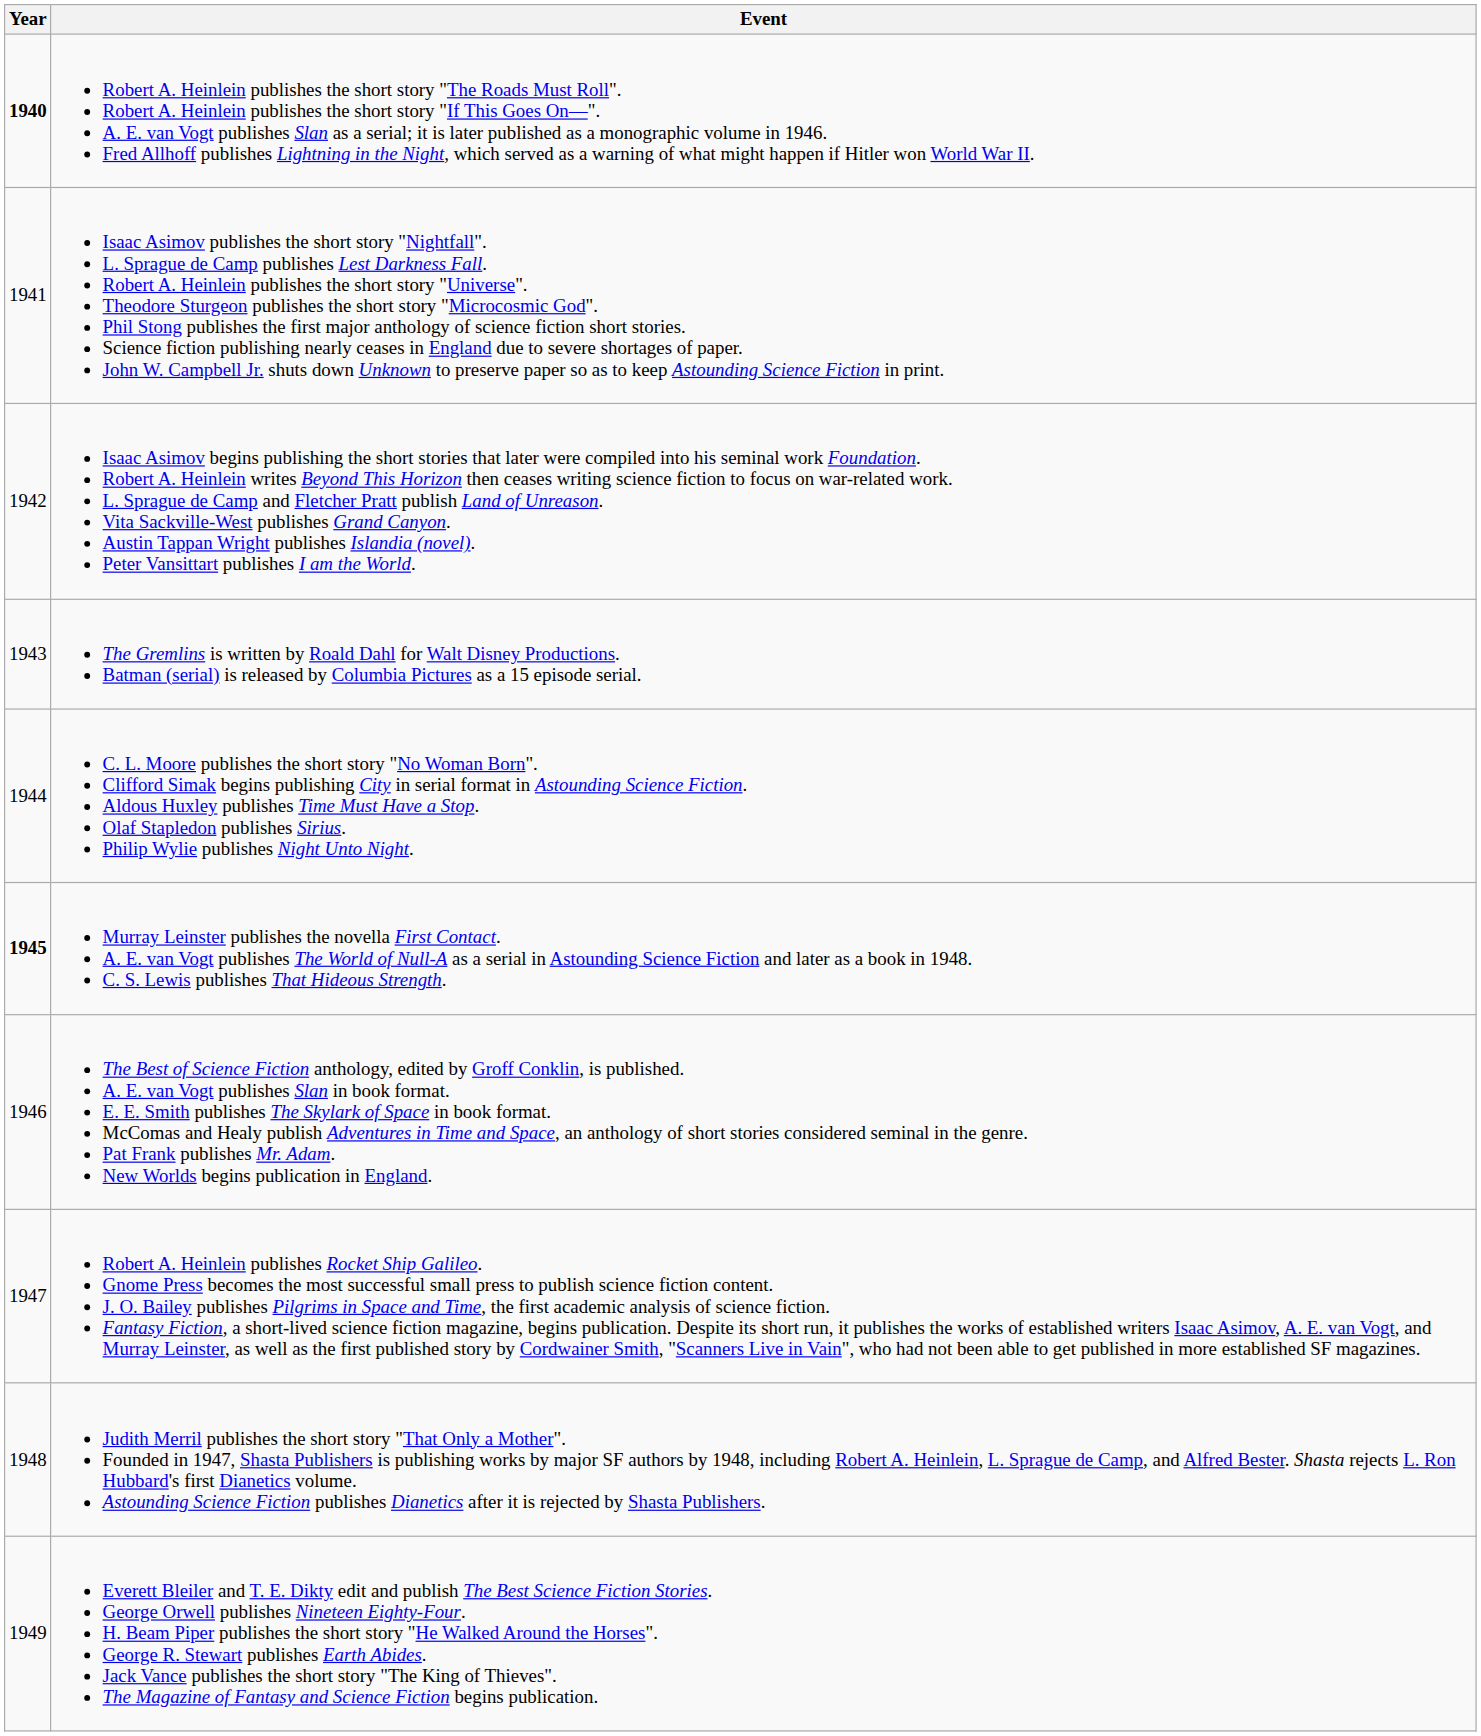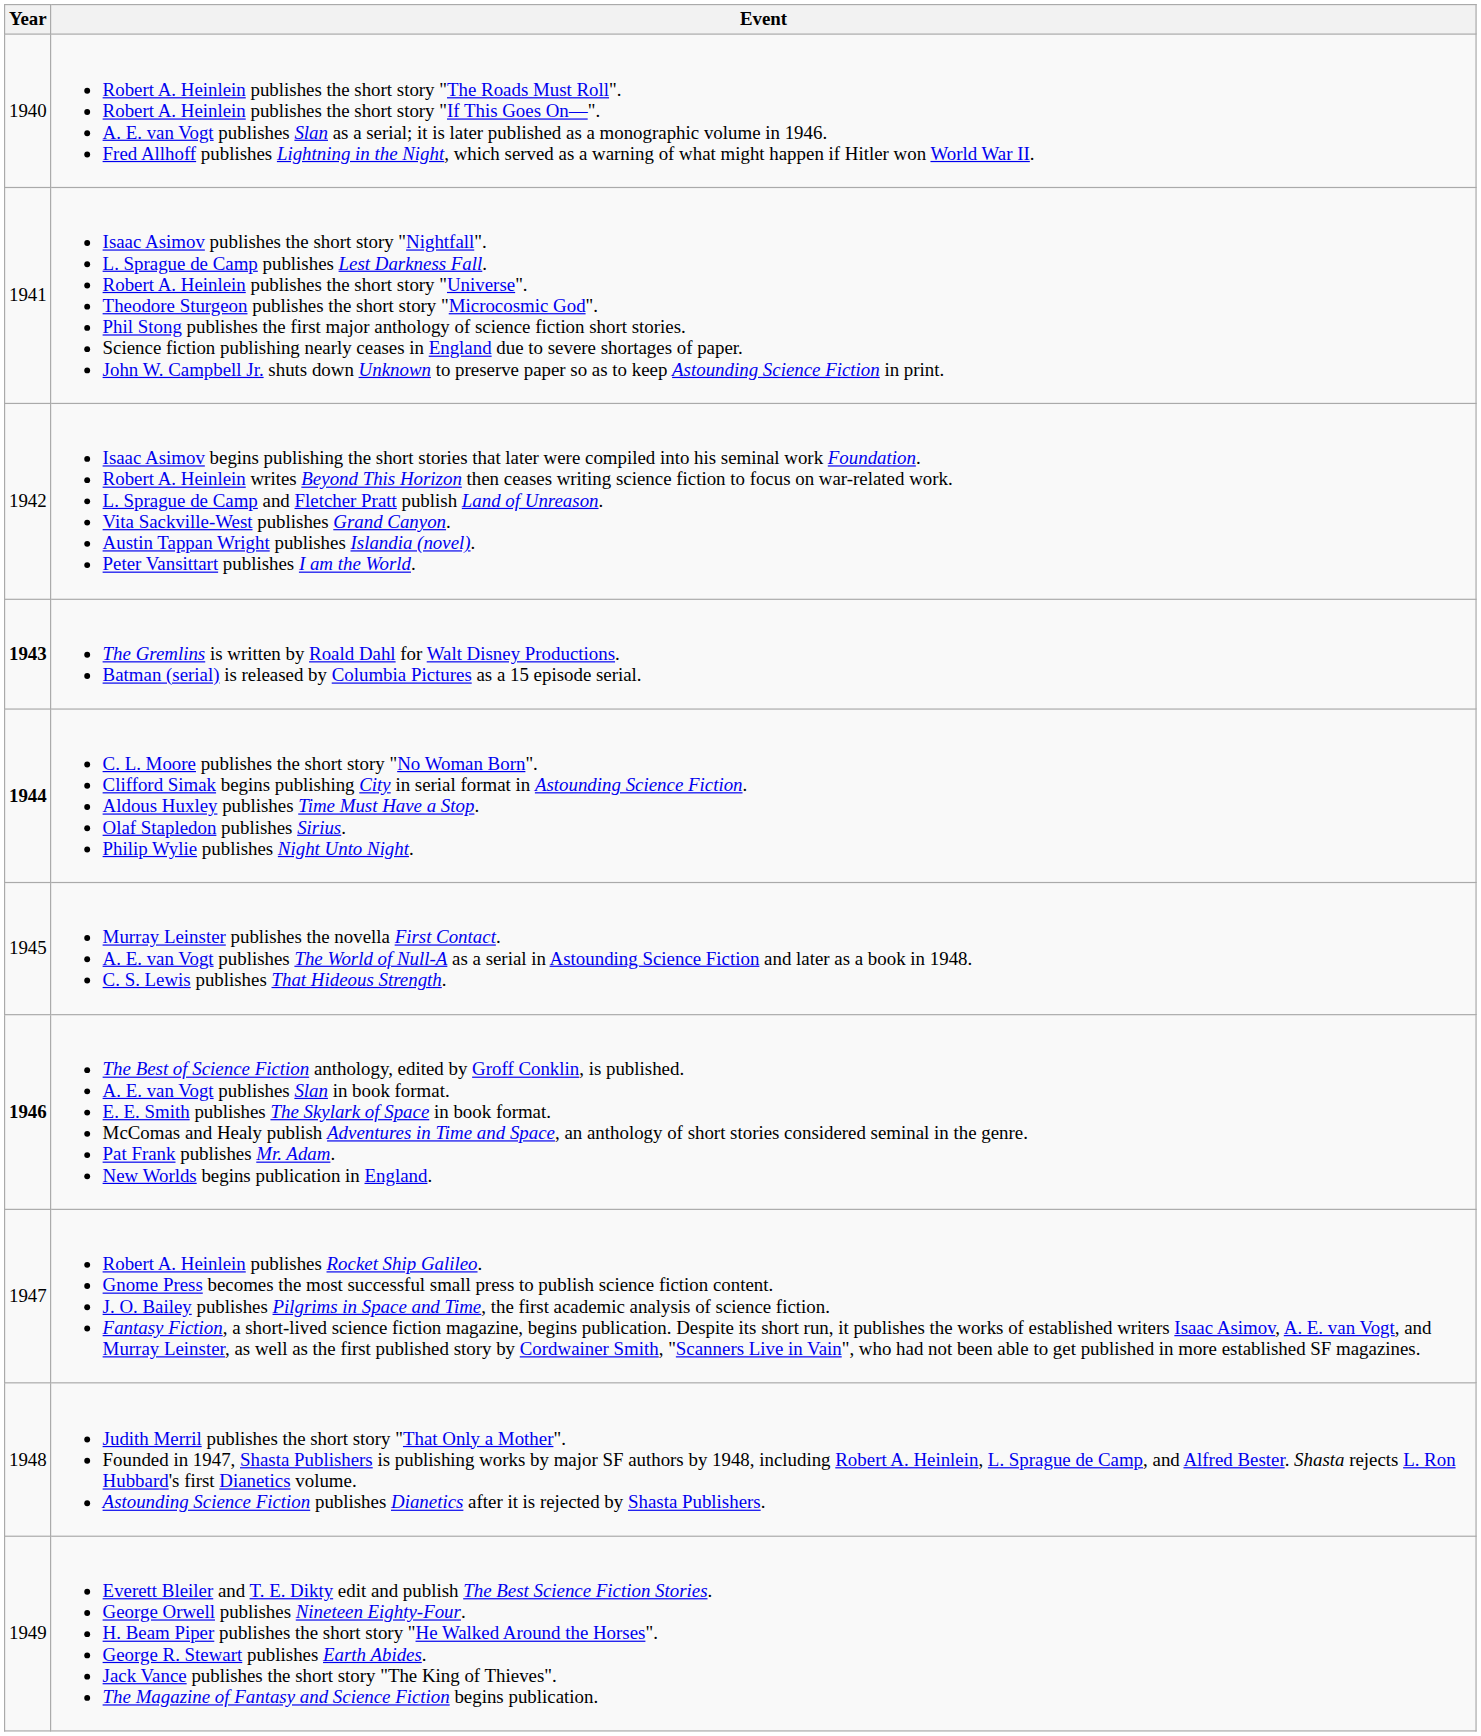 <table class="wikitable">
 <tr>
 <th scope="col">Year</th>
 <th scope="col">Event</th>
 </tr>
 <tr>
-<td><strong>1940</strong></td>
+<td>1940</td>
 <td><br><ul><li><a href='#'>Robert A. Heinlein</a> publishes the short story "<a href='#'>The Roads Must Roll</a>".</li><li><a href='#'>Robert A. Heinlein</a> publishes the short story "<a href='#'>If This Goes On—</a>".</li><li><a href='#'>A. E. van Vogt</a> publishes <em><a href='#'>Slan</a></em> as a serial; it is later published as a monographic volume in 1946.</li><li><a href='#'>Fred Allhoff</a> publishes <em><a href='#'>Lightning in the Night</a></em>, which served as a warning of what might happen if Hitler won <a href='#'>World War II</a>.</li></ul></td>
 </tr>
 <tr>
 <td>1941</td>
 <td><br><ul><li><a href='#'>Isaac Asimov</a> publishes the short story "<a href='#'>Nightfall</a>".</li><li><a href='#'>L. Sprague de Camp</a> publishes <em><a href='#'>Lest Darkness Fall</a></em>.</li><li><a href='#'>Robert A. Heinlein</a> publishes the short story "<a href='#'>Universe</a>".</li><li><a href='#'>Theodore Sturgeon</a> publishes the short story "<a href='#'>Microcosmic God</a>".</li><li><a href='#'>Phil Stong</a> publishes the first major anthology of science fiction short stories.</li><li>Science fiction publishing nearly ceases in <a href='#'>England</a> due to severe shortages of paper.</li><li><a href='#'>John W. Campbell Jr.</a> shuts down <em><a href='#'>Unknown</a></em> to preserve paper so as to keep <em><a href='#'>Astounding Science Fiction</a></em> in print.</li></ul></td>
 </tr>
 <tr>
 <td>1942</td>
 <td><br><ul><li><a href='#'>Isaac Asimov</a> begins publishing the short stories that later were compiled into his seminal work <em><a href='#'>Foundation</a></em>.</li><li><a href='#'>Robert A. Heinlein</a> writes <em><a href='#'>Beyond This Horizon</a></em> then ceases writing science fiction to focus on war-related work.</li><li><a href='#'>L. Sprague de Camp</a> and <a href='#'>Fletcher Pratt</a> publish <em><a href='#'>Land of Unreason</a></em>.</li><li><a href='#'>Vita Sackville-West</a> publishes <em><a href='#'>Grand Canyon</a></em>.</li><li><a href='#'>Austin Tappan Wright</a> publishes <em><a href='#'>Islandia (novel)</a></em>.</li><li><a href='#'>Peter Vansittart</a> publishes <em><a href='#'>I am the World</a></em>.</li></ul></td>
 </tr>
 <tr>
-<td>1943</td>
+<td><strong>1943</strong></td>
 <td><br><ul><li><em><a href='#'>The Gremlins</a></em> is written by <a href='#'>Roald Dahl</a> for <a href='#'>Walt Disney Productions</a>.</li><li><a href='#'>Batman (serial)</a> is released by <a href='#'>Columbia Pictures</a> as a 15 episode serial.</li></ul></td>
 </tr>
 <tr>
-<td>1944</td>
+<td><strong>1944</strong></td>
 <td><br><ul><li><a href='#'>C. L. Moore</a> publishes the short story "<a href='#'>No Woman Born</a>".</li><li><a href='#'>Clifford Simak</a> begins publishing <em><a href='#'>City</a></em> in serial format in <em><a href='#'>Astounding Science Fiction</a></em>.</li><li><a href='#'>Aldous Huxley</a> publishes <em><a href='#'>Time Must Have a Stop</a></em>.</li><li><a href='#'>Olaf Stapledon</a> publishes <em><a href='#'>Sirius</a></em>.</li><li><a href='#'>Philip Wylie</a> publishes <em><a href='#'>Night Unto Night</a></em>.</li></ul></td>
 </tr>
 <tr>
-<td><strong>1945</strong></td>
+<td>1945</td>
 <td><br><ul><li><a href='#'>Murray Leinster</a> publishes the novella <em><a href='#'>First Contact</a></em>.</li><li><a href='#'>A. E. van Vogt</a> publishes <em><a href='#'>The World of Null-A</a></em> as a serial in <a href='#'>Astounding Science Fiction</a> and later as a book in 1948.</li><li><a href='#'>C. S. Lewis</a> publishes <em><a href='#'>That Hideous Strength</a></em>.</li></ul></td>
 </tr>
 <tr>
-<td>1946</td>
+<td><strong>1946</strong></td>
 <td><br><ul><li><em><a href='#'>The Best of Science Fiction</a></em> anthology, edited by <a href='#'>Groff Conklin</a>, is published.</li><li><a href='#'>A. E. van Vogt</a> publishes <em><a href='#'>Slan</a></em> in book format.</li><li><a href='#'>E. E. Smith</a> publishes <em><a href='#'>The Skylark of Space</a></em> in book format.</li><li>McComas and Healy publish <em><a href='#'>Adventures in Time and Space</a></em>, an anthology of short stories considered seminal in the genre.</li><li><a href='#'>Pat Frank</a> publishes <em><a href='#'>Mr. Adam</a></em>.</li><li><a href='#'>New Worlds</a> begins publication in <a href='#'>England</a>.</li></ul></td>
 </tr>
 <tr>
 <td>1947</td>
 <td><br><ul><li><a href='#'>Robert A. Heinlein</a> publishes <em><a href='#'>Rocket Ship Galileo</a></em>.</li><li><a href='#'>Gnome Press</a> becomes the most successful small press to publish science fiction content.</li><li><a href='#'>J. O. Bailey</a> publishes <em><a href='#'>Pilgrims in Space and Time</a></em>, the first academic analysis of science fiction.</li><li><em><a href='#'>Fantasy Fiction</a></em>, a short-lived science fiction magazine, begins publication. Despite its short run, it publishes the works of established writers <a href='#'>Isaac Asimov</a>, <a href='#'>A. E. van Vogt</a>, and <a href='#'>Murray Leinster</a>, as well as the first published story by <a href='#'>Cordwainer Smith</a>, "<a href='#'>Scanners Live in Vain</a>", who had not been able to get published in more established SF magazines.</li></ul></td>
 </tr>
 <tr>
 <td>1948</td>
 <td><br><ul><li><a href='#'>Judith Merril</a> publishes the short story "<a href='#'>That Only a Mother</a>".</li><li>Founded in 1947, <a href='#'>Shasta Publishers</a> is publishing works by major SF authors by 1948, including <a href='#'>Robert A. Heinlein</a>, <a href='#'>L. Sprague de Camp</a>, and <a href='#'>Alfred Bester</a>. <em>Shasta</em> rejects <a href='#'>L. Ron Hubbard</a>'s first <a href='#'>Dianetics</a> volume.</li><li><em><a href='#'>Astounding Science Fiction</a></em> publishes <em><a href='#'>Dianetics</a></em> after it is rejected by <a href='#'>Shasta Publishers</a>.</li></ul></td>
 </tr>
 <tr>
 <td>1949</td>
 <td><br><ul><li><a href='#'>Everett Bleiler</a> and <a href='#'>T. E. Dikty</a> edit and publish <em><a href='#'>The Best Science Fiction Stories</a></em>.</li><li><a href='#'>George Orwell</a> publishes <em><a href='#'>Nineteen Eighty-Four</a></em>.</li><li><a href='#'>H. Beam Piper</a> publishes the short story "<a href='#'>He Walked Around the Horses</a>".</li><li><a href='#'>George R. Stewart</a> publishes <em><a href='#'>Earth Abides</a></em>.</li><li><a href='#'>Jack Vance</a> publishes the short story "The King of Thieves".</li><li><em><a href='#'>The Magazine of Fantasy and Science Fiction</a></em> begins publication.</li></ul></td>
 </tr>
 </table>
